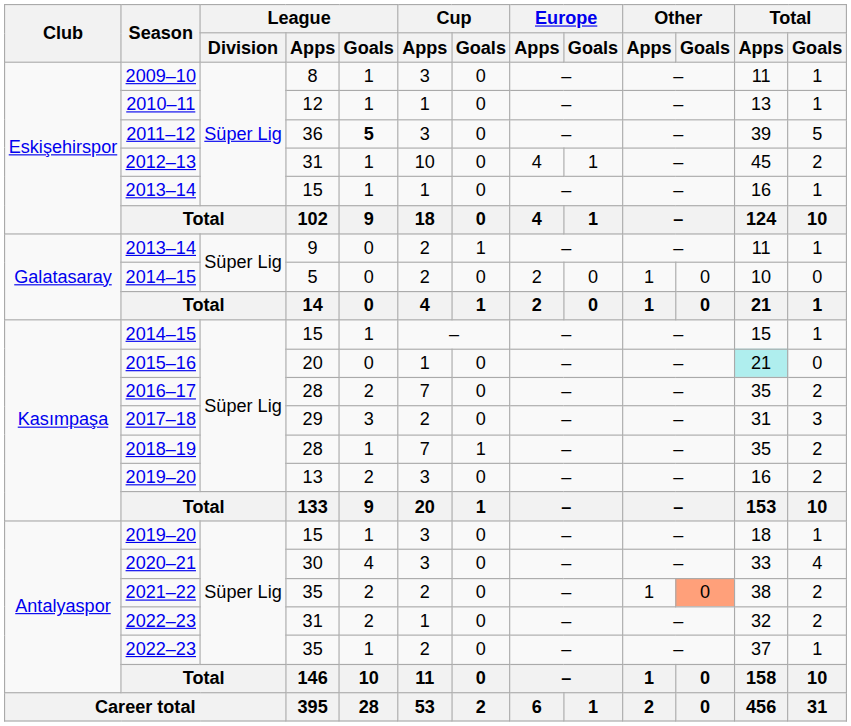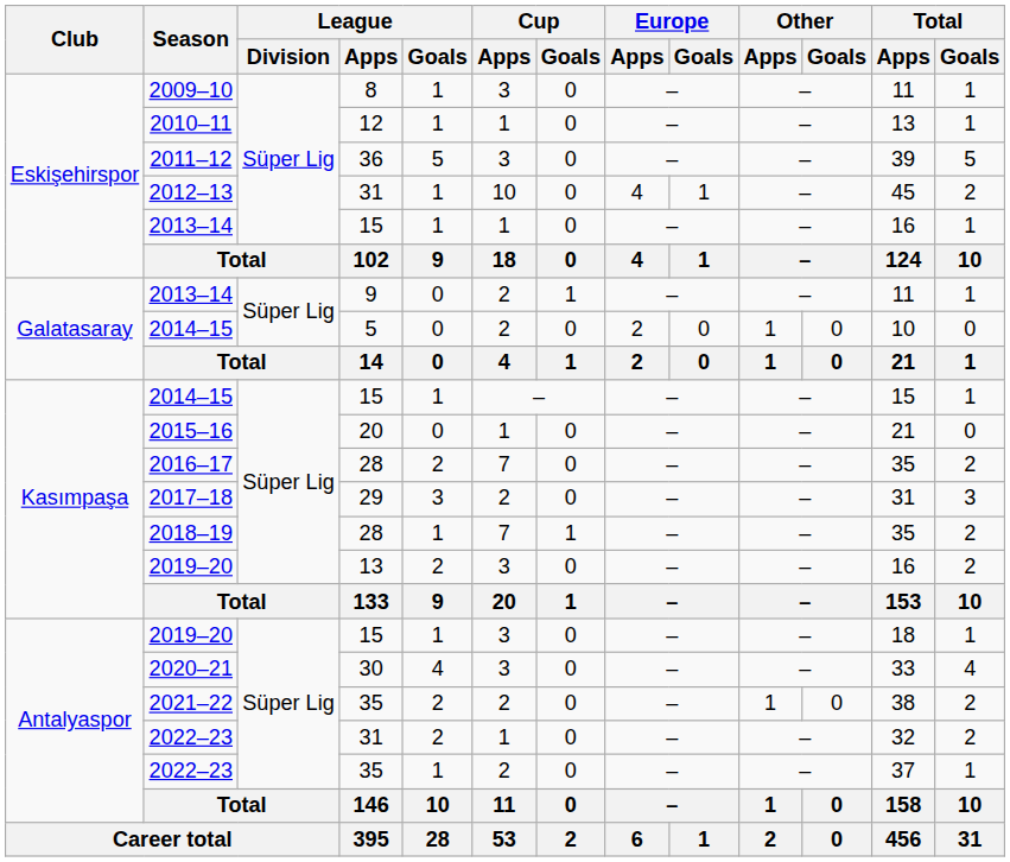 <table class="wikitable" style="text-align: center;">
 <tr>
 <th rowspan="2">Club</th>
 <th rowspan="2">Season</th>
 <th colspan="3">League</th>
 <th colspan="2">Cup</th>
 <th colspan="2"><a href='#'>Europe</a></th>
 <th colspan="2">Other</th>
 <th colspan="2">Total</th>
 </tr>
 <tr>
 <th>Division</th>
 <th>Apps</th>
 <th>Goals</th>
 <th>Apps</th>
 <th>Goals</th>
 <th>Apps</th>
 <th>Goals</th>
 <th>Apps</th>
 <th>Goals</th>
 <th>Apps</th>
 <th>Goals</th>
 </tr>
 <tr>
 <td rowspan="6"><a href='#'>Eskişehirspor</a></td>
 <td><a href='#'>2009–10</a></td>
 <td rowspan="5"><a href='#'>Süper Lig</a></td>
 <td>8</td>
 <td>1</td>
 <td>3</td>
 <td>0</td>
 <td colspan="2">–</td>
 <td colspan="2">–</td>
 <td>11</td>
 <td>1</td>
 </tr>
 <tr>
 <td><a href='#'>2010–11</a></td>
 <td>12</td>
 <td>1</td>
 <td>1</td>
 <td>0</td>
 <td colspan="2">–</td>
 <td colspan="2">–</td>
 <td>13</td>
 <td>1</td>
 </tr>
 <tr>
 <td><a href='#'>2011–12</a></td>
 <td>36</td>
-<td><strong>5</strong></td>
+<td>5</td>
 <td>3</td>
 <td>0</td>
 <td colspan="2">–</td>
 <td colspan="2">–</td>
 <td>39</td>
 <td>5</td>
 </tr>
 <tr>
 <td><a href='#'>2012–13</a></td>
 <td>31</td>
 <td>1</td>
 <td>10</td>
 <td>0</td>
 <td>4</td>
 <td>1</td>
 <td colspan="2">–</td>
 <td>45</td>
 <td>2</td>
 </tr>
 <tr>
 <td><a href='#'>2013–14</a></td>
 <td>15</td>
 <td>1</td>
 <td>1</td>
 <td>0</td>
 <td colspan="2">–</td>
 <td colspan="2">–</td>
 <td>16</td>
 <td>1</td>
 </tr>
 <tr>
 <th colspan="2">Total</th>
 <th>102</th>
 <th>9</th>
 <th>18</th>
 <th>0</th>
 <th>4</th>
 <th>1</th>
 <th colspan="2">–</th>
 <th>124</th>
 <th>10</th>
 </tr>
 <tr>
 <td rowspan="3"><a href='#'>Galatasaray</a></td>
 <td><a href='#'>2013–14</a></td>
 <td rowspan="2">Süper Lig</td>
 <td>9</td>
 <td>0</td>
 <td>2</td>
 <td>1</td>
 <td colspan="2">–</td>
 <td colspan="2">–</td>
 <td>11</td>
 <td>1</td>
 </tr>
 <tr>
 <td><a href='#'>2014–15</a></td>
 <td>5</td>
 <td>0</td>
 <td>2</td>
 <td>0</td>
 <td>2</td>
 <td>0</td>
 <td>1</td>
 <td>0</td>
 <td>10</td>
 <td>0</td>
 </tr>
 <tr>
 <th colspan="2">Total</th>
 <th>14</th>
 <th>0</th>
 <th>4</th>
 <th>1</th>
 <th>2</th>
 <th>0</th>
 <th>1</th>
 <th>0</th>
 <th>21</th>
 <th>1</th>
 </tr>
 <tr>
 <td rowspan="7"><a href='#'>Kasımpaşa</a></td>
 <td><a href='#'>2014–15</a></td>
 <td rowspan="6">Süper Lig</td>
 <td>15</td>
 <td>1</td>
 <td colspan="2">–</td>
 <td colspan="2">–</td>
 <td colspan="2">–</td>
 <td>15</td>
 <td>1</td>
 </tr>
 <tr>
 <td><a href='#'>2015–16</a></td>
 <td>20</td>
 <td>0</td>
 <td>1</td>
 <td>0</td>
 <td colspan="2">–</td>
 <td colspan="2">–</td>
-<td style="background: paleturquoise;">21</td>
+<td>21</td>
 <td>0</td>
 </tr>
 <tr>
 <td><a href='#'>2016–17</a></td>
 <td>28</td>
 <td>2</td>
 <td>7</td>
 <td>0</td>
 <td colspan="2">–</td>
 <td colspan="2">–</td>
 <td>35</td>
 <td>2</td>
 </tr>
 <tr>
 <td><a href='#'>2017–18</a></td>
 <td>29</td>
 <td>3</td>
 <td>2</td>
 <td>0</td>
 <td colspan="2">–</td>
 <td colspan="2">–</td>
 <td>31</td>
 <td>3</td>
 </tr>
 <tr>
 <td><a href='#'>2018–19</a></td>
 <td>28</td>
 <td>1</td>
 <td>7</td>
 <td>1</td>
 <td colspan="2">–</td>
 <td colspan="2">–</td>
 <td>35</td>
 <td>2</td>
 </tr>
 <tr>
 <td><a href='#'>2019–20</a></td>
 <td>13</td>
 <td>2</td>
 <td>3</td>
 <td>0</td>
 <td colspan="2">–</td>
 <td colspan="2">–</td>
 <td>16</td>
 <td>2</td>
 </tr>
 <tr>
 <th colspan="2">Total</th>
 <th>133</th>
 <th>9</th>
 <th>20</th>
 <th>1</th>
 <th colspan="2">–</th>
 <th colspan="2">–</th>
 <th>153</th>
 <th>10</th>
 </tr>
 <tr>
 <td rowspan="6"><a href='#'>Antalyaspor</a></td>
 <td><a href='#'>2019–20</a></td>
 <td rowspan="5">Süper Lig</td>
 <td>15</td>
 <td>1</td>
 <td>3</td>
 <td>0</td>
 <td colspan="2">–</td>
 <td colspan="2">–</td>
 <td>18</td>
 <td>1</td>
 </tr>
 <tr>
 <td><a href='#'>2020–21</a></td>
 <td>30</td>
 <td>4</td>
 <td>3</td>
 <td>0</td>
 <td colspan="2">–</td>
 <td colspan="2">–</td>
 <td>33</td>
 <td>4</td>
 </tr>
 <tr>
 <td><a href='#'>2021–22</a></td>
 <td>35</td>
 <td>2</td>
 <td>2</td>
 <td>0</td>
 <td colspan="2">–</td>
 <td>1</td>
-<td style="background: lightsalmon;">0</td>
+<td>0</td>
 <td>38</td>
 <td>2</td>
 </tr>
 <tr>
 <td><a href='#'>2022–23</a></td>
 <td>31</td>
 <td>2</td>
 <td>1</td>
 <td>0</td>
 <td colspan="2">–</td>
 <td colspan="2">–</td>
 <td>32</td>
 <td>2</td>
 </tr>
 <tr>
 <td><a href='#'>2022–23</a></td>
 <td>35</td>
 <td>1</td>
 <td>2</td>
 <td>0</td>
 <td colspan="2">–</td>
 <td colspan="2">–</td>
 <td>37</td>
 <td>1</td>
 </tr>
 <tr>
 <th colspan="2">Total</th>
 <th>146</th>
 <th>10</th>
 <th>11</th>
 <th>0</th>
 <th colspan="2">–</th>
 <th>1</th>
 <th>0</th>
 <th>158</th>
 <th>10</th>
 </tr>
 <tr>
 <th colspan="3">Career total</th>
 <th>395</th>
 <th>28</th>
 <th>53</th>
 <th>2</th>
 <th>6</th>
 <th>1</th>
 <th>2</th>
 <th>0</th>
 <th>456</th>
 <th>31</th>
 </tr>
 </table>
